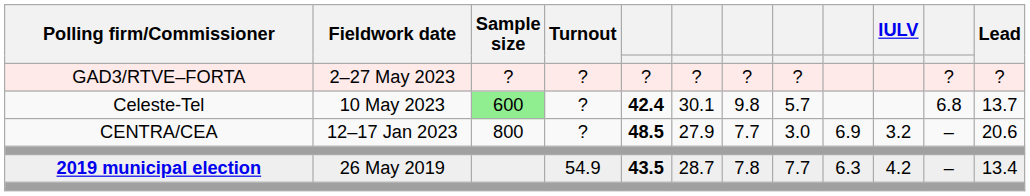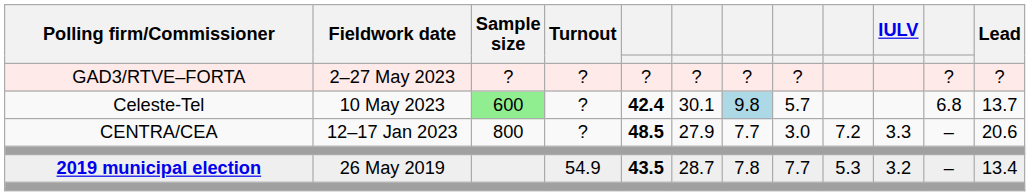 <table class="wikitable collapsible collapsed" style="text-align:center; font-size:95%; line-height:16px;">
 <tr style="height:42px;">
 <th style="width:250px;" rowspan="2">Polling firm/Commissioner</th>
 <th style="width:125px;" rowspan="2">Fieldwork date</th>
 <th style="width:50px;" rowspan="2">Sample size</th>
 <th style="width:45px;" rowspan="2">Turnout</th>
 <th style="width:35px;"></th>
 <th style="width:35px;"></th>
 <th style="width:35px;"></th>
 <th style="width:35px;"></th>
 <th style="width:35px;"></th>
 <th style="width:35px;"><a href='#'>IULV</a></th>
 <th style="width:35px;"></th>
 <th style="width:30px;" rowspan="2">Lead</th>
 </tr>
 <tr>
 <th style="color:inherit;background:"></th>
 <th style="color:inherit;background:"></th>
 <th style="color:inherit;background:"></th>
 <th style="color:inherit;background:"></th>
 <th style="color:inherit;background:"></th>
 <th style="color:inherit;background:"></th>
 <th style="color:inherit;background:"></th>
 </tr>
 <tr style="background:#FFEAEA;">
 <td>GAD3/RTVE–FORTA</td>
 <td>2–27 May 2023</td>
 <td>?</td>
 <td>?</td>
 <td>?<br></td>
 <td>?<br></td>
 <td>?<br></td>
 <td>?<br></td>
 <td></td>
 <td></td>
 <td>?<br></td>
 <td style="background:">?</td>
 </tr>
 <tr>
 <td>Celeste-Tel</td>
 <td>10 May 2023</td>
 <td style="background: lightgreen;">600</td>
 <td>?</td>
 <td><strong>42.4</strong><br></td>
 <td>30.1<br></td>
-<td>9.8<br></td>
+<td style="background: lightblue;">9.8<br></td>
 <td>5.7<br></td>
 <td></td>
 <td></td>
 <td>6.8<br></td>
 <td style="background:">13.7</td>
 </tr>
 <tr>
 <td>CENTRA/CEA</td>
 <td>12–17 Jan 2023</td>
 <td>800</td>
 <td>?</td>
 <td><strong>48.5</strong><br></td>
 <td>27.9<br></td>
 <td>7.7<br></td>
 <td>3.0<br></td>
-<td>6.9<br></td>
-<td>3.2<br></td>
+<td>7.2<br></td>
+<td>3.3<br></td>
 <td>–</td>
 <td style="background:">20.6</td>
 </tr>
 <tr>
 <td colspan="12" style="background:#A0A0A0"></td>
 </tr>
 <tr style="background:#EFEFEF;">
 <td><strong><a href='#'>2019 municipal election</a></strong></td>
 <td>26 May 2019</td>
 <td></td>
 <td>54.9</td>
 <td><strong>43.5</strong><br></td>
 <td>28.7<br></td>
 <td>7.8<br></td>
 <td>7.7<br></td>
-<td>6.3<br></td>
-<td>4.2<br></td>
+<td>5.3<br></td>
+<td>3.2<br></td>
 <td>–</td>
 <td style="background:">13.4</td>
 </tr>
 <tr>
 <td colspan="12" style="background:#A0A0A0"></td>
 </tr>
 </table>
